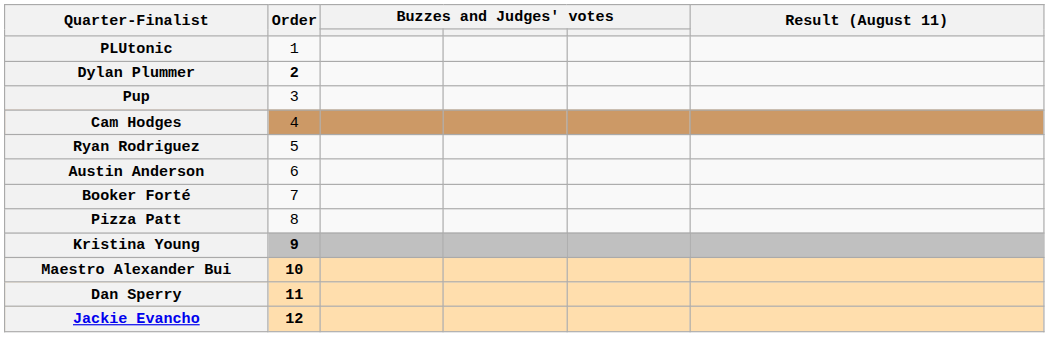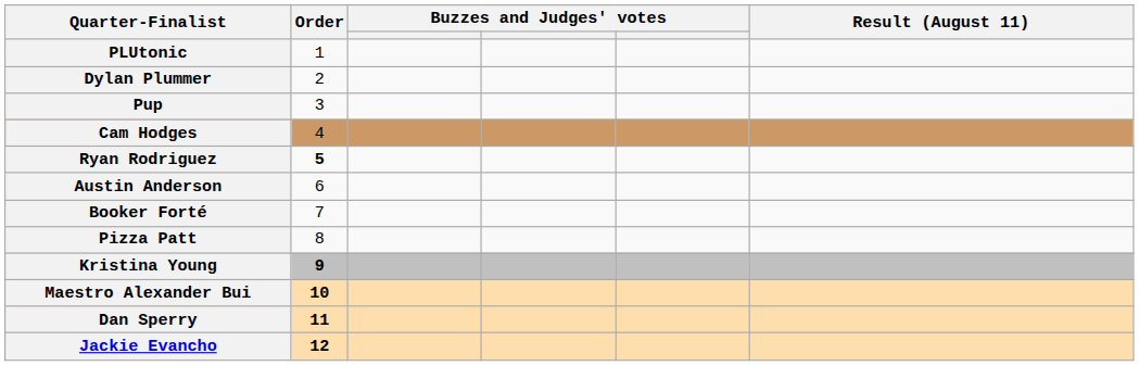 <table class="wikitable plainrowheaders sortable" style="text-align:center;">
 <tr>
 <th scope="col" rowspan="2" class="unsortable" style="width:17em;">Quarter-Finalist</th>
 <th scope="col" rowspan="2" style="width:1em;">Order</th>
 <th scope="col" colspan="3" class="unsortable" style="width:24em;">Buzzes and Judges' votes</th>
 <th scope="col" rowspan="2" style="width:23em;">Result (August 11)</th>
 </tr>
 <tr>
 <th scope="col" class="unsortable" style="width:6em;"></th>
 <th scope="col" class="unsortable" style="width:6em;"></th>
 <th scope="col" class="unsortable" style="width:6em;"></th>
 </tr>
 <tr>
 <th scope="row">PLUtonic</th>
 <td>1</td>
 <td style="text-align:center;"></td>
 <td style="text-align:center;"></td>
 <td style="text-align:center;"></td>
 <td></td>
 </tr>
 <tr>
 <th scope="row">Dylan Plummer</th>
-<td><strong>2</strong></td>
+<td>2</td>
 <td style="text-align:center;"></td>
 <td style="text-align:center;"></td>
 <td style="text-align:center;"></td>
 <td></td>
 </tr>
 <tr>
 <th scope="row">Pup</th>
 <td>3</td>
 <td style="text-align:center;"></td>
 <td style="text-align:center;"></td>
 <td style="text-align:center;"></td>
 <td></td>
 </tr>
 <tr style="background:#c96;">
 <th scope="row">Cam Hodges</th>
 <td>4</td>
 <td style="text-align:center;"></td>
 <td style="text-align:center;"></td>
 <td style="text-align:center;"></td>
 <td></td>
 </tr>
 <tr>
 <th scope="row">Ryan Rodriguez</th>
-<td>5</td>
+<td><strong>5</strong></td>
 <td style="text-align:center;"></td>
 <td style="text-align:center;"></td>
 <td style="text-align:center;"></td>
 <td></td>
 </tr>
 <tr>
 <th scope="row">Austin Anderson</th>
 <td>6</td>
 <td style="text-align:center;"></td>
 <td style="text-align:center;"></td>
 <td style="text-align:center;"></td>
 <td></td>
 </tr>
 <tr>
 <th scope="row">Booker Forté</th>
 <td>7</td>
 <td style="text-align:center;"></td>
 <td style="text-align:center;"></td>
 <td style="text-align:center;"></td>
 <td></td>
 </tr>
 <tr>
 <th scope="row">Pizza Patt</th>
 <td>8</td>
 <td style="text-align:center;"></td>
 <td style="text-align:center;"></td>
 <td style="text-align:center;"></td>
 <td></td>
 </tr>
 <tr style="background:silver;">
 <th scope="row"><strong>Kristina Young</strong></th>
 <td><strong>9</strong></td>
 <td style="text-align:center;"></td>
 <td style="text-align:center;"></td>
 <td style="text-align:center;"></td>
 <td><strong></strong></td>
 </tr>
 <tr style="background:NavajoWhite;">
 <th scope="row"><strong>Maestro Alexander Bui</strong></th>
 <td><strong>10</strong></td>
 <td style="text-align:center;"></td>
 <td style="text-align:center;"></td>
 <td style="text-align:center;"></td>
 <td><strong></strong></td>
 </tr>
 <tr style="background:NavajoWhite;">
 <th scope="row"><strong>Dan Sperry</strong></th>
 <td><strong>11</strong></td>
 <td style="text-align:center;"></td>
 <td style="text-align:center;"></td>
 <td style="text-align:center;"></td>
 <td><strong></strong></td>
 </tr>
 <tr style="background:NavajoWhite;">
 <th scope="row"><strong><a href='#'>Jackie Evancho</a></strong></th>
 <td><strong>12</strong></td>
 <td style="text-align:center;"></td>
 <td style="text-align:center;"></td>
 <td style="text-align:center;"></td>
 <td><strong></strong></td>
 </tr>
 </table>
